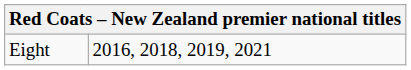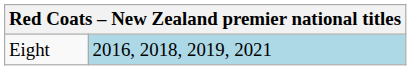 <table class="wikitable">
 <tr>
 <th colspan=2> Red Coats – New Zealand premier national titles</th>
 </tr>
 <tr>
 <td>Eight</td>
-<td>2016, 2018, 2019, 2021</td>
+<td style="background: lightblue;">2016, 2018, 2019, 2021</td>
 </tr>
 </table>
